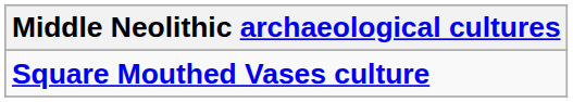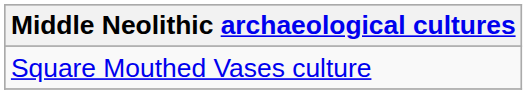 <table class="wikitable">
 <tr>
 <th>Middle Neolithic <a href='#'>archaeological cultures</a></th>
 </tr>
 <tr>
-<td><strong><a href='#'>Square Mouthed Vases culture</a></strong></td>
+<td><a href='#'>Square Mouthed Vases culture</a></td>
 </tr>
 </table>
